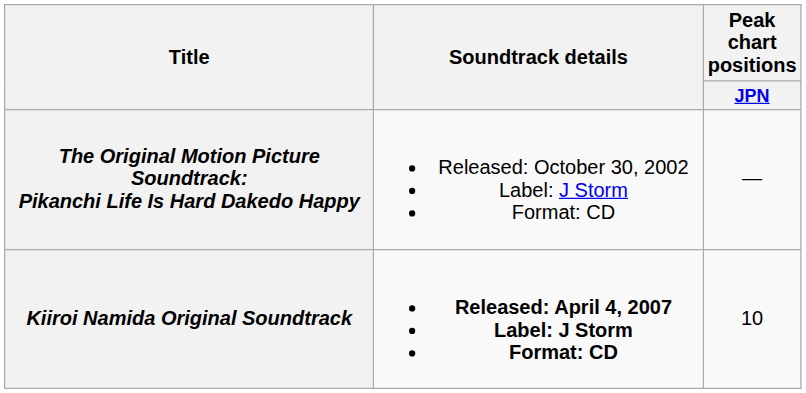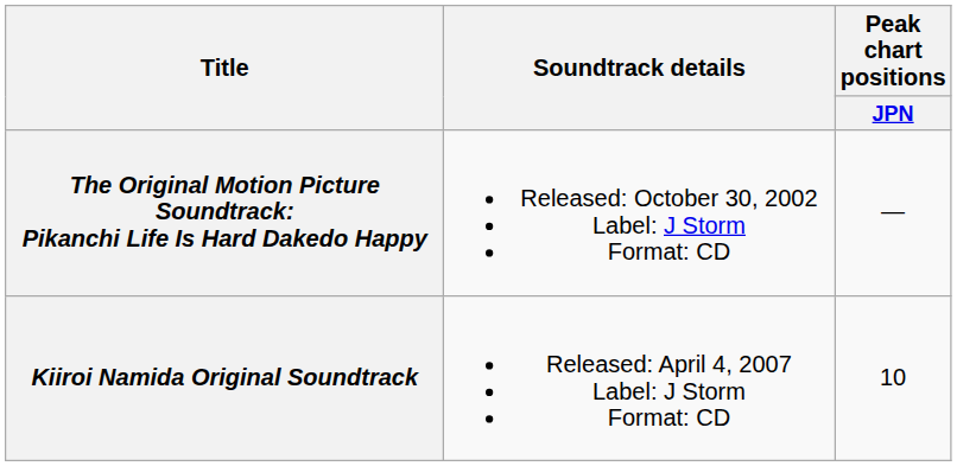 <table class="wikitable plainrowheaders" style="text-align:center;" border="1">
 <tr>
 <th scope="col" rowspan="2" style="width:18em;">Title</th>
 <th scope="col" rowspan="2" style="width:16em;">Soundtrack details</th>
 <th scope="col" colspan="1">Peak chart positions</th>
 </tr>
 <tr>
 <th scope="col" style="width:2.5em;font-size:90%;"><a href='#'>JPN</a><br></th>
 </tr>
 <tr>
 <th scope="row"><em>The Original Motion Picture Soundtrack:<br> Pikanchi Life Is Hard Dakedo Happy</em></th>
 <td><br><ul><li>Released: October 30, 2002</li><li>Label: <a href='#'>J Storm</a></li><li>Format: CD</li></ul></td>
 <td>—</td>
 </tr>
 <tr>
 <th scope="row"><em>Kiiroi Namida Original Soundtrack</em></th>
-<td><strong><br><ul><li>Released: April 4, 2007</li><li>Label: J Storm</li><li>Format: CD</li></ul></strong></td>
+<td><br><ul><li>Released: April 4, 2007</li><li>Label: J Storm</li><li>Format: CD</li></ul></td>
 <td>10</td>
 </tr>
 </table>
